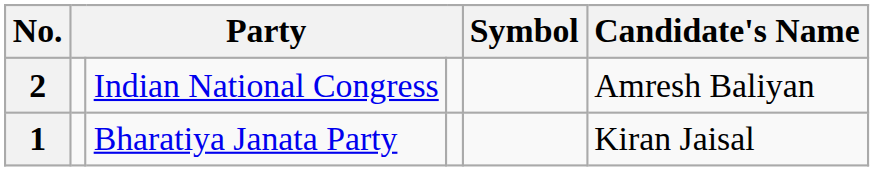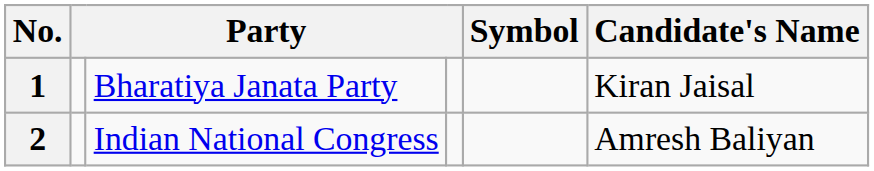 <table class="wikitable sortable">
 <tr>
 <th>No.</th>
 <th colspan="3">Party</th>
 <th>Symbol</th>
 <th>Candidate's Name</th>
+</tr>
+<tr>
+<th>1</th>
+<td style="background:"></td>
+<td><a href='#'>Bharatiya Janata Party</a></td>
+<td></td>
+<td></td>
+<td>Kiran Jaisal</td>
 </tr>
 <tr>
 <th>2</th>
 <td style="background:"></td>
 <td><a href='#'>Indian National Congress</a></td>
 <td></td>
 <td></td>
 <td>Amresh Baliyan</td>
 </tr>
-<tr>
-<th>1</th>
-<td style="background:"></td>
-<td><a href='#'>Bharatiya Janata Party</a></td>
-<td></td>
-<td></td>
-<td>Kiran Jaisal</td>
-</tr>
 </table>
